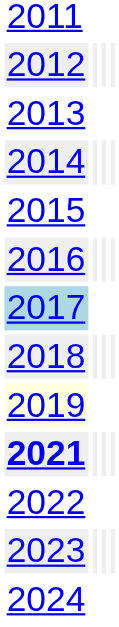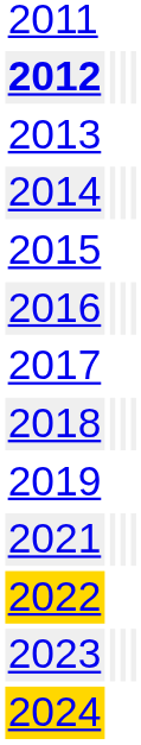 <table>
 <tr>
 <td><a href='#'>2011</a></td>
 <td></td>
 <td></td>
 <td></td>
 </tr>
 <tr bgcolor="#EFEFEF">
-<td><a href='#'>2012</a></td>
+<td><strong><a href='#'>2012</a></strong></td>
 <td></td>
 <td></td>
 <td></td>
 </tr>
 <tr>
 <td><a href='#'>2013</a></td>
 <td></td>
 <td></td>
 <td></td>
 </tr>
 <tr bgcolor="#EFEFEF">
 <td><a href='#'>2014</a></td>
 <td></td>
 <td></td>
 <td></td>
 </tr>
 <tr>
 <td><a href='#'>2015</a></td>
 <td></td>
 <td></td>
 <td></td>
 </tr>
 <tr bgcolor="#EFEFEF">
 <td><a href='#'>2016</a></td>
 <td></td>
 <td></td>
 <td></td>
 </tr>
 <tr>
-<td style="background: lightblue;"><a href='#'>2017</a></td>
+<td><a href='#'>2017</a></td>
 <td></td>
 <td></td>
 <td></td>
 </tr>
 <tr bgcolor="#EFEFEF">
 <td><a href='#'>2018</a></td>
 <td></td>
 <td></td>
 <td></td>
 </tr>
 <tr>
-<td style="background: lightyellow;"><a href='#'>2019</a></td>
+<td><a href='#'>2019</a></td>
 <td></td>
 <td></td>
 <td></td>
 </tr>
 <tr bgcolor="#EFEFEF">
-<td><strong><a href='#'>2021</a></strong></td>
+<td><a href='#'>2021</a></td>
 <td></td>
 <td></td>
 <td></td>
 </tr>
 <tr>
-<td><a href='#'>2022</a></td>
+<td style="background: gold;"><a href='#'>2022</a></td>
 <td></td>
 <td></td>
 <td></td>
 </tr>
 <tr bgcolor="#EFEFEF">
 <td><a href='#'>2023</a></td>
 <td></td>
 <td></td>
 <td></td>
 </tr>
 <tr>
-<td><a href='#'>2024</a></td>
+<td style="background: gold;"><a href='#'>2024</a></td>
 <td></td>
 <td></td>
 <td></td>
 </tr>
 </table>
